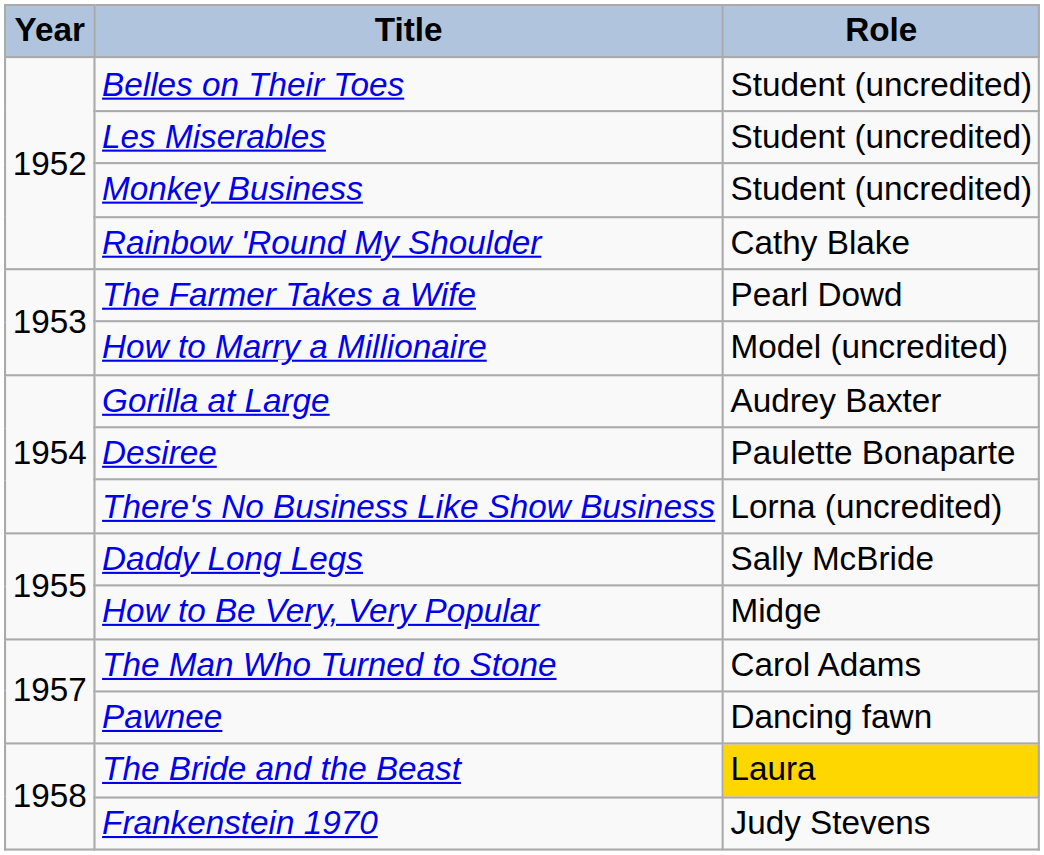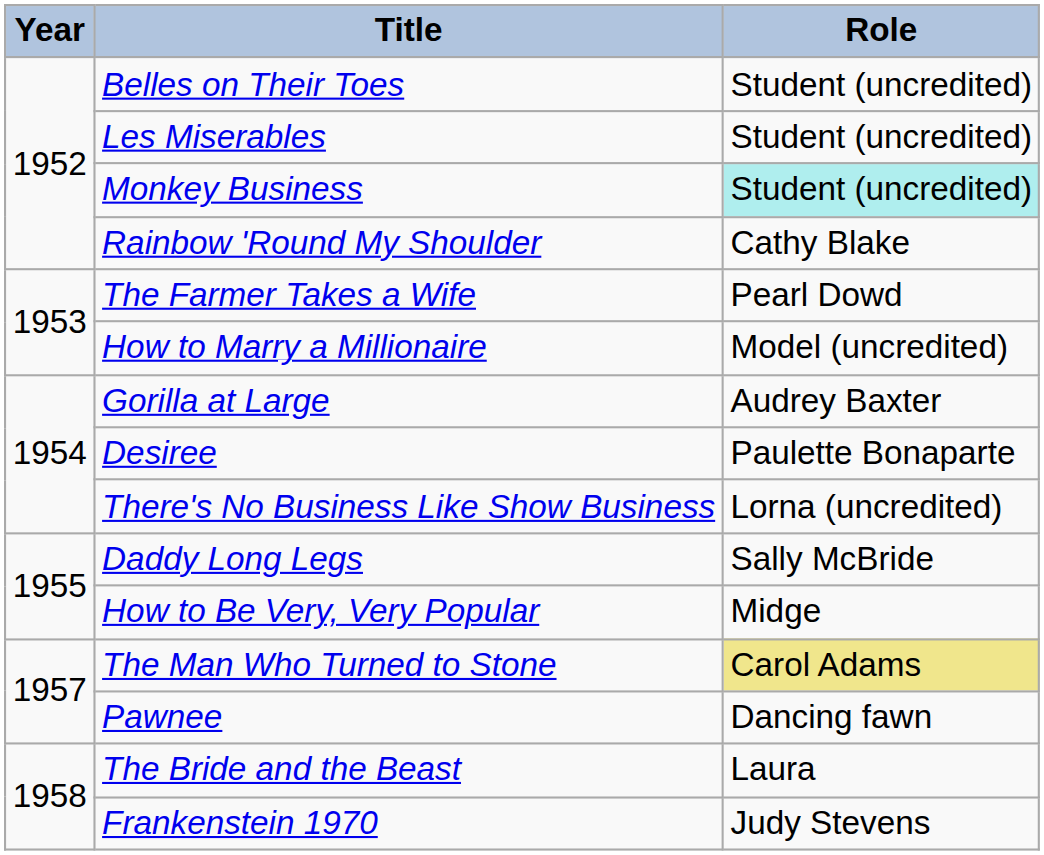 <table class="wikitable">
 <tr>
 <th style="background:#B0C4DE;">Year</th>
 <th style="background:#B0C4DE;">Title</th>
 <th style="background:#B0C4DE;">Role</th>
 </tr>
 <tr>
 <td rowspan=4>1952</td>
 <td><em><a href='#'>Belles on Their Toes</a></em></td>
 <td>Student (uncredited)</td>
 </tr>
 <tr>
 <td><em><a href='#'>Les Miserables</a></em></td>
 <td>Student (uncredited)</td>
 </tr>
 <tr>
 <td><em><a href='#'>Monkey Business</a></em></td>
-<td>Student (uncredited)</td>
+<td style="background: paleturquoise;">Student (uncredited)</td>
 </tr>
 <tr>
 <td><em><a href='#'>Rainbow 'Round My Shoulder</a></em></td>
 <td>Cathy Blake</td>
 </tr>
 <tr>
 <td rowspan=2>1953</td>
 <td><em><a href='#'>The Farmer Takes a Wife</a></em></td>
 <td>Pearl Dowd</td>
 </tr>
 <tr>
 <td><em><a href='#'>How to Marry a Millionaire</a></em></td>
 <td>Model (uncredited)</td>
 </tr>
 <tr>
 <td rowspan=3>1954</td>
 <td><em><a href='#'>Gorilla at Large</a></em></td>
 <td>Audrey Baxter</td>
 </tr>
 <tr>
 <td><em><a href='#'>Desiree</a></em></td>
 <td>Paulette Bonaparte</td>
 </tr>
 <tr>
 <td><em><a href='#'>There's No Business Like Show Business</a></em></td>
 <td>Lorna (uncredited)</td>
 </tr>
 <tr>
 <td rowspan=2>1955</td>
 <td><em><a href='#'>Daddy Long Legs</a></em></td>
 <td>Sally McBride</td>
 </tr>
 <tr>
 <td><em><a href='#'>How to Be Very, Very Popular</a></em></td>
 <td>Midge</td>
 </tr>
 <tr>
 <td rowspan=2>1957</td>
 <td><em><a href='#'>The Man Who Turned to Stone</a></em></td>
-<td>Carol Adams</td>
+<td style="background: khaki;">Carol Adams</td>
 </tr>
 <tr>
 <td><em><a href='#'>Pawnee</a></em></td>
 <td>Dancing fawn</td>
 </tr>
 <tr>
 <td rowspan=2>1958</td>
 <td><em><a href='#'>The Bride and the Beast</a></em></td>
-<td style="background: gold;">Laura</td>
+<td>Laura</td>
 </tr>
 <tr>
 <td><em><a href='#'>Frankenstein 1970</a></em></td>
 <td>Judy Stevens</td>
 </tr>
 </table>
